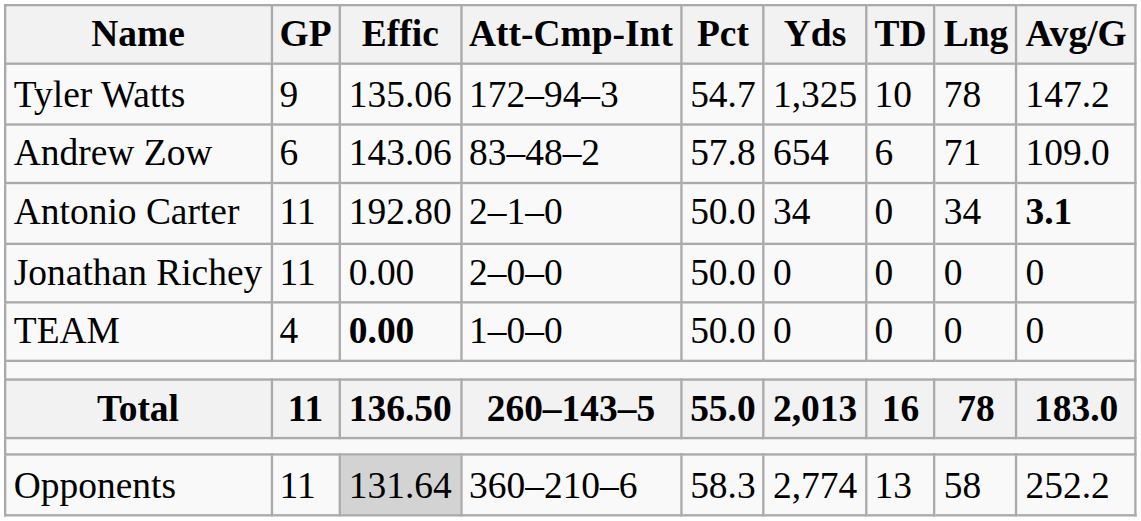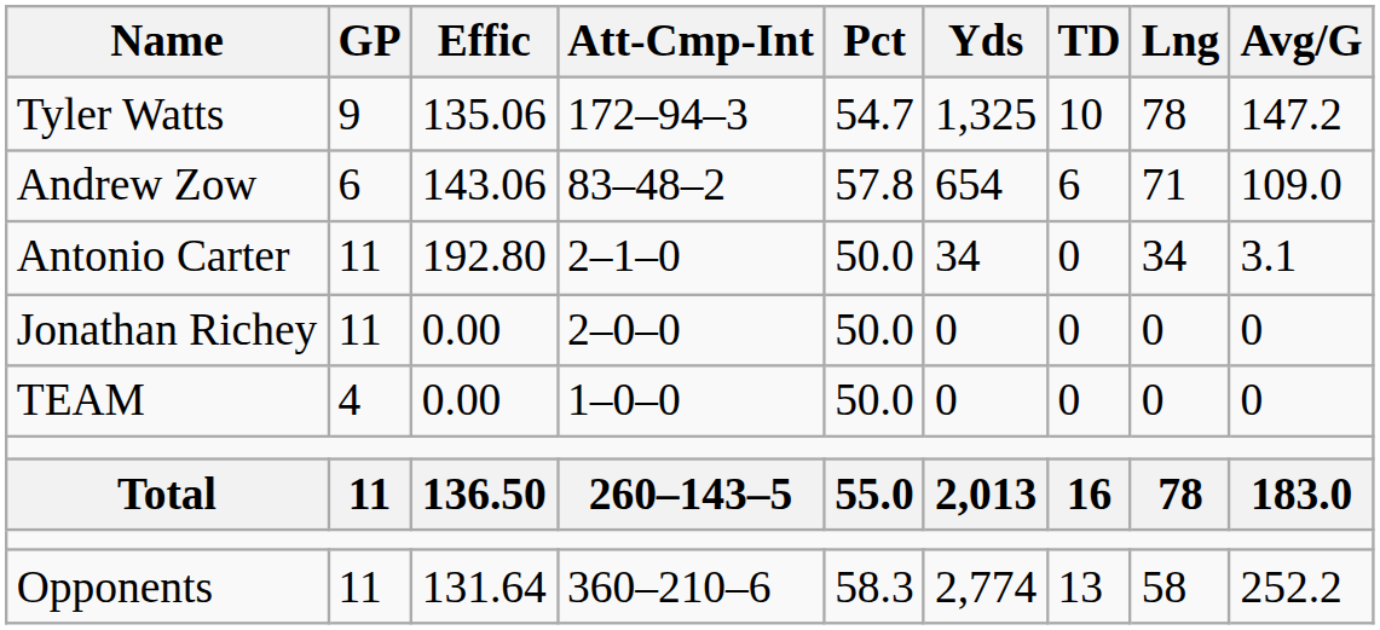 <table class="wikitable" style="white-space:nowrap;" style="text-align:center;">
 <tr>
 <th>Name</th>
 <th>GP</th>
 <th>Effic</th>
 <th>Att-Cmp-Int</th>
 <th>Pct</th>
 <th>Yds</th>
 <th>TD</th>
 <th>Lng</th>
 <th>Avg/G</th>
 </tr>
 <tr>
 <td align=left>Tyler Watts</td>
 <td>9</td>
 <td>135.06</td>
 <td>172–94–3</td>
 <td>54.7</td>
 <td>1,325</td>
 <td>10</td>
 <td>78</td>
 <td>147.2</td>
 </tr>
 <tr>
 <td align=left>Andrew Zow</td>
 <td>6</td>
 <td>143.06</td>
 <td>83–48–2</td>
 <td>57.8</td>
 <td>654</td>
 <td>6</td>
 <td>71</td>
 <td>109.0</td>
 </tr>
 <tr>
 <td align=left>Antonio Carter</td>
 <td>11</td>
 <td>192.80</td>
 <td>2–1–0</td>
 <td>50.0</td>
 <td>34</td>
 <td>0</td>
 <td>34</td>
-<td><strong>3.1</strong></td>
+<td>3.1</td>
 </tr>
 <tr>
 <td align=left>Jonathan Richey</td>
 <td>11</td>
 <td>0.00</td>
 <td>2–0–0</td>
 <td>50.0</td>
 <td>0</td>
 <td>0</td>
 <td>0</td>
 <td>0</td>
 </tr>
 <tr>
 <td align=left>TEAM</td>
 <td>4</td>
-<td><strong>0.00</strong></td>
+<td>0.00</td>
 <td>1–0–0</td>
 <td>50.0</td>
 <td>0</td>
 <td>0</td>
 <td>0</td>
 <td>0</td>
 </tr>
 <tr>
 <td colspan=9></td>
 </tr>
 <tr>
 <th>Total</th>
 <th>11</th>
 <th>136.50</th>
 <th>260–143–5</th>
 <th>55.0</th>
 <th>2,013</th>
 <th>16</th>
 <th>78</th>
 <th>183.0</th>
 </tr>
 <tr>
 <td colspan=9></td>
 </tr>
 <tr>
 <td align=left>Opponents</td>
 <td>11</td>
-<td style="background: lightgrey;">131.64</td>
+<td>131.64</td>
 <td>360–210–6</td>
 <td>58.3</td>
 <td>2,774</td>
 <td>13</td>
 <td>58</td>
 <td>252.2</td>
 </tr>
 </table>
